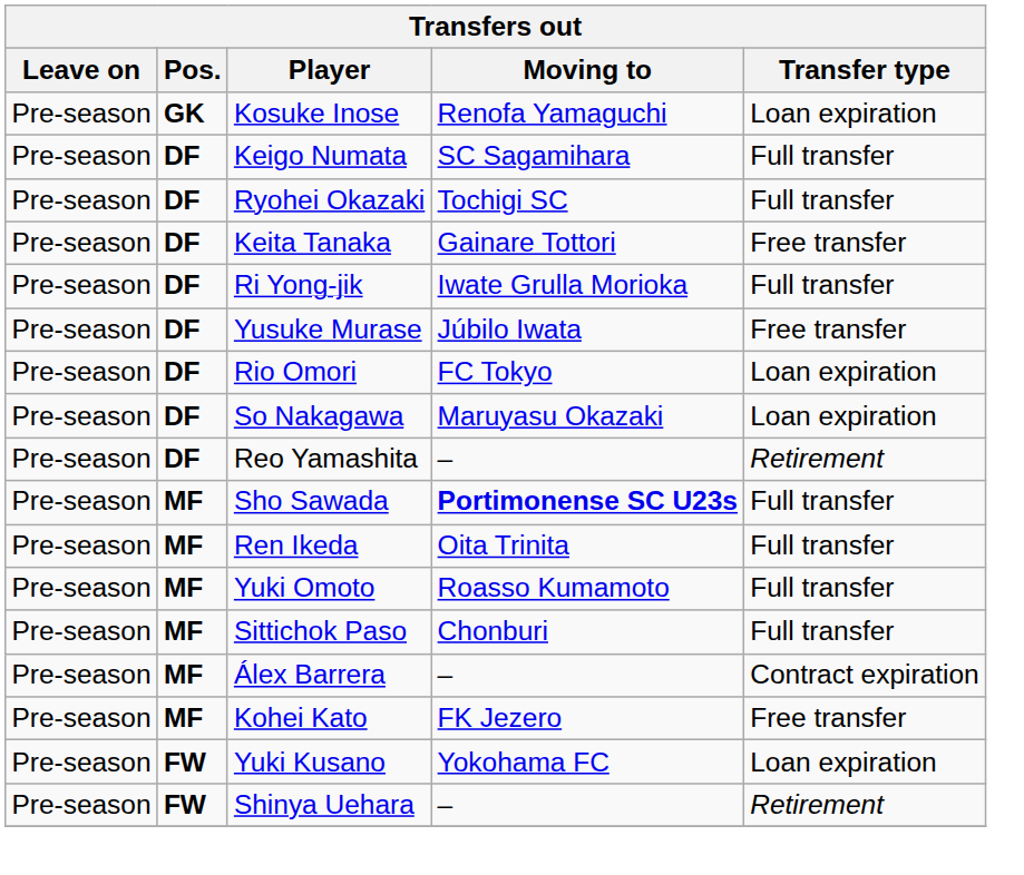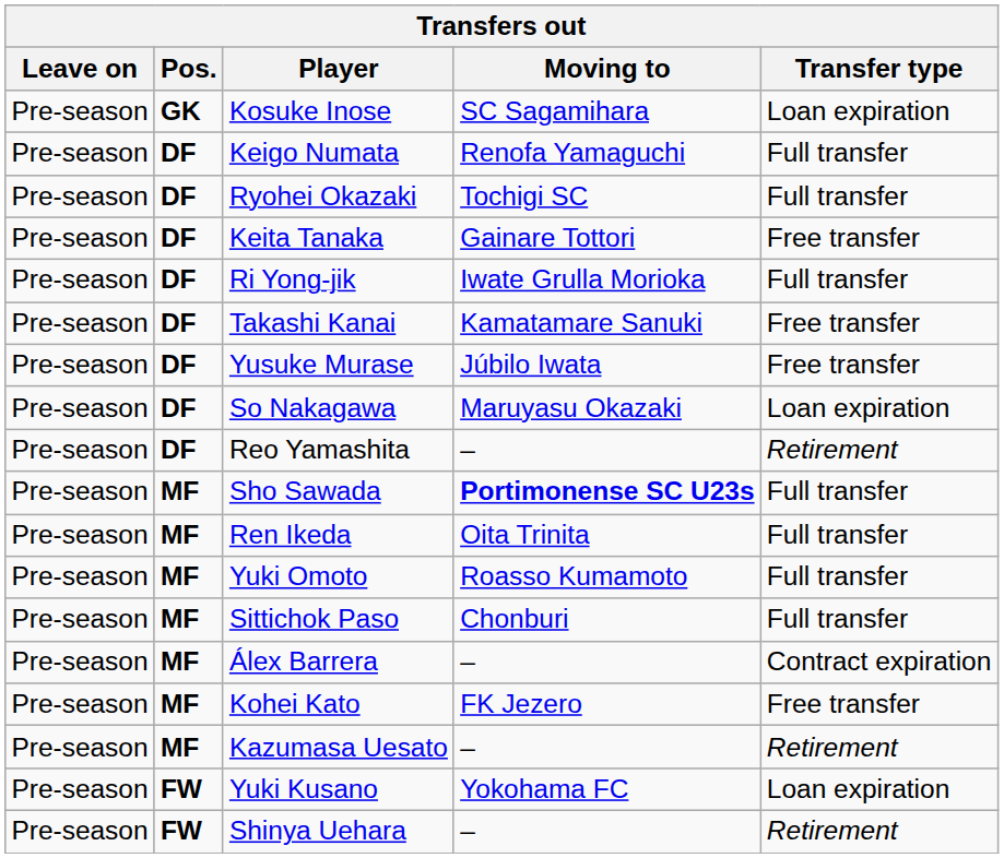 <table class="wikitable sortable" style=“text-align:left;>
 <tr>
 <th colspan="5">Transfers out</th>
 </tr>
 <tr>
 <th>Leave on</th>
 <th>Pos.</th>
 <th>Player</th>
 <th>Moving to</th>
 <th>Transfer type</th>
 </tr>
 <tr>
 <td>Pre-season</td>
 <td><strong>GK</strong></td>
 <td> <a href='#'>Kosuke Inose</a></td>
-<td> <a href='#'>Renofa Yamaguchi</a></td>
+<td> <a href='#'>SC Sagamihara</a></td>
 <td>Loan expiration</td>
 </tr>
 <tr>
 <td>Pre-season</td>
 <td><strong>DF</strong></td>
 <td> <a href='#'>Keigo Numata</a></td>
-<td> <a href='#'>SC Sagamihara</a></td>
+<td> <a href='#'>Renofa Yamaguchi</a></td>
 <td>Full transfer</td>
 </tr>
 <tr>
 <td>Pre-season</td>
 <td><strong>DF</strong></td>
 <td> <a href='#'>Ryohei Okazaki</a></td>
 <td> <a href='#'>Tochigi SC</a></td>
 <td>Full transfer</td>
 </tr>
 <tr>
 <td>Pre-season</td>
 <td><strong>DF</strong></td>
 <td> <a href='#'>Keita Tanaka</a></td>
 <td> <a href='#'>Gainare Tottori</a></td>
 <td>Free transfer</td>
 </tr>
 <tr>
 <td>Pre-season</td>
 <td><strong>DF</strong></td>
 <td> <a href='#'>Ri Yong-jik</a></td>
 <td> <a href='#'>Iwate Grulla Morioka</a></td>
 <td>Full transfer</td>
 </tr>
 <tr>
 <td>Pre-season</td>
 <td><strong>DF</strong></td>
-<td> <a href='#'>Yusuke Murase</a></td>
-<td> <a href='#'>Júbilo Iwata</a></td>
+<td> <a href='#'>Takashi Kanai</a></td>
+<td> <a href='#'>Kamatamare Sanuki</a></td>
 <td>Free transfer</td>
 </tr>
 <tr>
 <td>Pre-season</td>
 <td><strong>DF</strong></td>
-<td> <a href='#'>Rio Omori</a></td>
-<td> <a href='#'>FC Tokyo</a></td>
-<td>Loan expiration</td>
+<td> <a href='#'>Yusuke Murase</a></td>
+<td> <a href='#'>Júbilo Iwata</a></td>
+<td>Free transfer</td>
 </tr>
 <tr>
 <td>Pre-season</td>
 <td><strong>DF</strong></td>
 <td> <a href='#'>So Nakagawa</a></td>
 <td> <a href='#'>Maruyasu Okazaki</a></td>
 <td>Loan expiration</td>
 </tr>
 <tr>
 <td>Pre-season</td>
 <td><strong>DF</strong></td>
 <td> Reo Yamashita</td>
 <td>–</td>
 <td><em>Retirement</em></td>
 </tr>
 <tr>
 <td>Pre-season</td>
 <td><strong>MF</strong></td>
 <td> <a href='#'>Sho Sawada</a></td>
 <td><strong> <a href='#'>Portimonense SC U23s</a></strong></td>
 <td>Full transfer</td>
 </tr>
 <tr>
 <td>Pre-season</td>
 <td><strong>MF</strong></td>
 <td> <a href='#'>Ren Ikeda</a></td>
 <td> <a href='#'>Oita Trinita</a></td>
 <td>Full transfer</td>
 </tr>
 <tr>
 <td>Pre-season</td>
 <td><strong>MF</strong></td>
 <td> <a href='#'>Yuki Omoto</a></td>
 <td> <a href='#'>Roasso Kumamoto</a></td>
 <td>Full transfer</td>
 </tr>
 <tr>
 <td>Pre-season</td>
 <td><strong>MF</strong></td>
 <td> <a href='#'>Sittichok Paso</a></td>
 <td> <a href='#'>Chonburi</a></td>
 <td>Full transfer</td>
 </tr>
 <tr>
 <td>Pre-season</td>
 <td><strong>MF</strong></td>
 <td> <a href='#'>Álex Barrera</a></td>
 <td>–</td>
 <td>Contract expiration</td>
 </tr>
 <tr>
 <td>Pre-season</td>
 <td><strong>MF</strong></td>
 <td> <a href='#'>Kohei Kato</a></td>
 <td> <a href='#'>FK Jezero</a></td>
 <td>Free transfer</td>
 </tr>
 <tr>
 <td>Pre-season</td>
+<td><strong>MF</strong></td>
+<td> <a href='#'>Kazumasa Uesato</a></td>
+<td>–</td>
+<td><em>Retirement</em></td>
+</tr>
+<tr>
+<td>Pre-season</td>
 <td><strong>FW</strong></td>
 <td> <a href='#'>Yuki Kusano</a></td>
 <td> <a href='#'>Yokohama FC</a></td>
 <td>Loan expiration</td>
 </tr>
 <tr>
 <td>Pre-season</td>
 <td><strong>FW</strong></td>
 <td> <a href='#'>Shinya Uehara</a></td>
 <td>–</td>
 <td><em>Retirement</em></td>
 </tr>
 <tr>
 </tr>
 </table>
